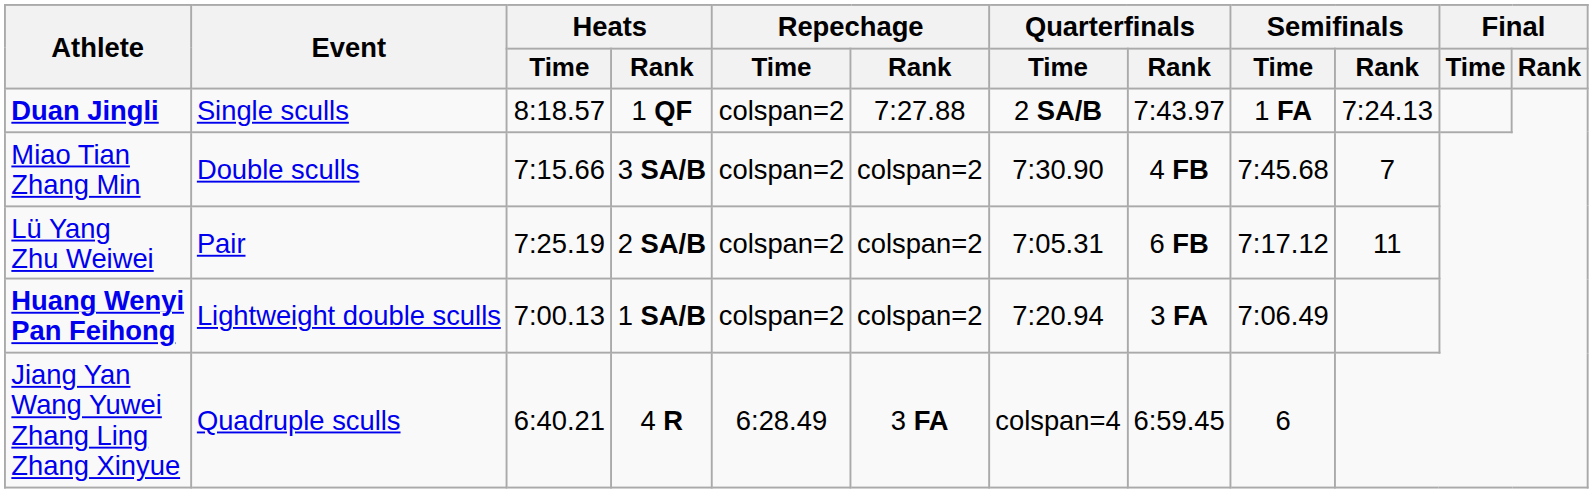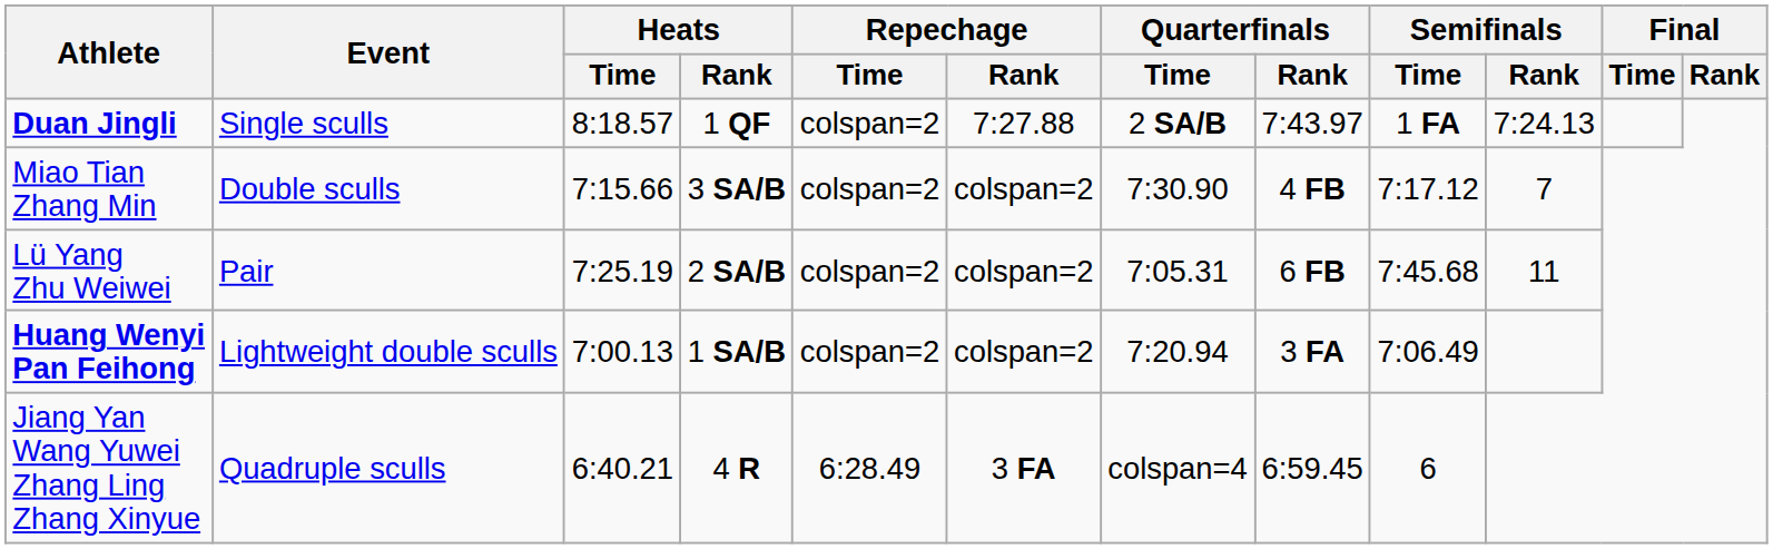 <table class="wikitable" style="font-size:90%">
 <tr>
 <th rowspan="2">Athlete</th>
 <th rowspan="2">Event</th>
 <th colspan="2">Heats</th>
 <th colspan="2">Repechage</th>
 <th colspan="2">Quarterfinals</th>
 <th colspan="2">Semifinals</th>
 <th colspan="2">Final</th>
 </tr>
 <tr style="font-size:95%">
 <th>Time</th>
 <th>Rank</th>
 <th>Time</th>
 <th>Rank</th>
 <th>Time</th>
 <th>Rank</th>
 <th>Time</th>
 <th>Rank</th>
 <th>Time</th>
 <th>Rank</th>
 </tr>
 <tr align=center>
 <td align=left><strong><a href='#'>Duan Jingli</a></strong></td>
 <td align=left><a href='#'>Single sculls</a></td>
 <td>8:18.57</td>
 <td>1 <strong>QF</strong></td>
 <td>colspan=2 </td>
 <td>7:27.88</td>
 <td>2 <strong>SA/B</strong></td>
 <td>7:43.97</td>
 <td>1 <strong>FA</strong></td>
 <td>7:24.13</td>
 <td></td>
 </tr>
 <tr align=center>
 <td align=left><a href='#'>Miao Tian</a><br><a href='#'>Zhang Min</a></td>
 <td align=left><a href='#'>Double sculls</a></td>
 <td>7:15.66</td>
 <td>3 <strong>SA/B</strong></td>
 <td>colspan=2 </td>
 <td>colspan=2 </td>
 <td>7:30.90</td>
 <td>4 <strong>FB</strong></td>
-<td>7:45.68</td>
+<td>7:17.12</td>
 <td>7</td>
 </tr>
 <tr align=center>
 <td align=left><a href='#'>Lü Yang</a><br><a href='#'>Zhu Weiwei</a></td>
 <td align=left><a href='#'>Pair</a></td>
 <td>7:25.19</td>
 <td>2 <strong>SA/B</strong></td>
 <td>colspan=2 </td>
 <td>colspan=2 </td>
 <td>7:05.31</td>
 <td>6 <strong>FB</strong></td>
-<td>7:17.12</td>
+<td>7:45.68</td>
 <td>11</td>
 </tr>
 <tr align=center>
 <td align=left><strong><a href='#'>Huang Wenyi</a><br><a href='#'>Pan Feihong</a></strong></td>
 <td align=left><a href='#'>Lightweight double sculls</a></td>
 <td>7:00.13</td>
 <td>1 <strong>SA/B</strong></td>
 <td>colspan=2 </td>
 <td>colspan=2 </td>
 <td>7:20.94</td>
 <td>3 <strong>FA</strong></td>
 <td>7:06.49</td>
 <td></td>
 </tr>
 <tr align=center>
 <td align=left><a href='#'>Jiang Yan</a><br><a href='#'>Wang Yuwei</a><br><a href='#'>Zhang Ling</a><br><a href='#'>Zhang Xinyue</a></td>
 <td align=left><a href='#'>Quadruple sculls</a></td>
 <td>6:40.21</td>
 <td>4 <strong>R</strong></td>
 <td>6:28.49</td>
 <td>3 <strong>FA</strong></td>
 <td>colspan=4 </td>
 <td>6:59.45</td>
 <td>6</td>
 </tr>
 </table>
